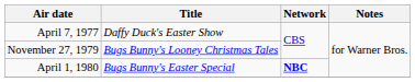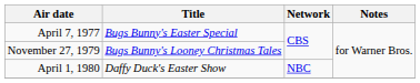 <table class="wikitable sortable">
 <tr>
 <th>Air date</th>
 <th>Title</th>
 <th>Network</th>
 <th>Notes</th>
 </tr>
 <tr>
 <td align="right">April 7, 1977</td>
-<td><em>Daffy Duck's Easter Show</em></td>
+<td><em><a href='#'>Bugs Bunny's Easter Special</a></em></td>
 <td rowspan="2"><a href='#'>CBS</a></td>
 <td rowspan="3">for Warner Bros.</td>
 </tr>
 <tr>
 <td align="right">November 27, 1979</td>
 <td><em><a href='#'>Bugs Bunny's Looney Christmas Tales</a></em></td>
 </tr>
 <tr>
 <td align="right">April 1, 1980</td>
-<td><em><a href='#'>Bugs Bunny's Easter Special</a></em></td>
-<td><strong><a href='#'>NBC</a></strong></td>
+<td><em>Daffy Duck's Easter Show</em></td>
+<td><a href='#'>NBC</a></td>
 </tr>
 <tr>
 </tr>
 </table>
